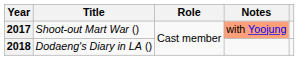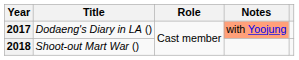 <table class="wikitable sortable plainrowheaders">
 <tr>
 <th scope="col">Year</th>
 <th scope="col">Title</th>
 <th scope="col">Role</th>
 <th scope="col">Notes</th>
 <th scope="col" class="unsortable"></th>
 </tr>
 <tr>
 <th scope="row">2017</th>
-<td><em>Shoot-out Mart War</em> ()</td>
+<td><em>Dodaeng's Diary in LA</em> ()</td>
 <td rowspan="2">Cast member</td>
 <td style="background: lightsalmon;">with <a href='#'>Yoojung</a></td>
 <td align="center"></td>
 </tr>
 <tr>
 <th scope="row">2018</th>
-<td><em>Dodaeng's Diary in LA</em> ()</td>
+<td><em>Shoot-out Mart War</em> ()</td>
 <td></td>
 <td align="center"></td>
 </tr>
 </table>
